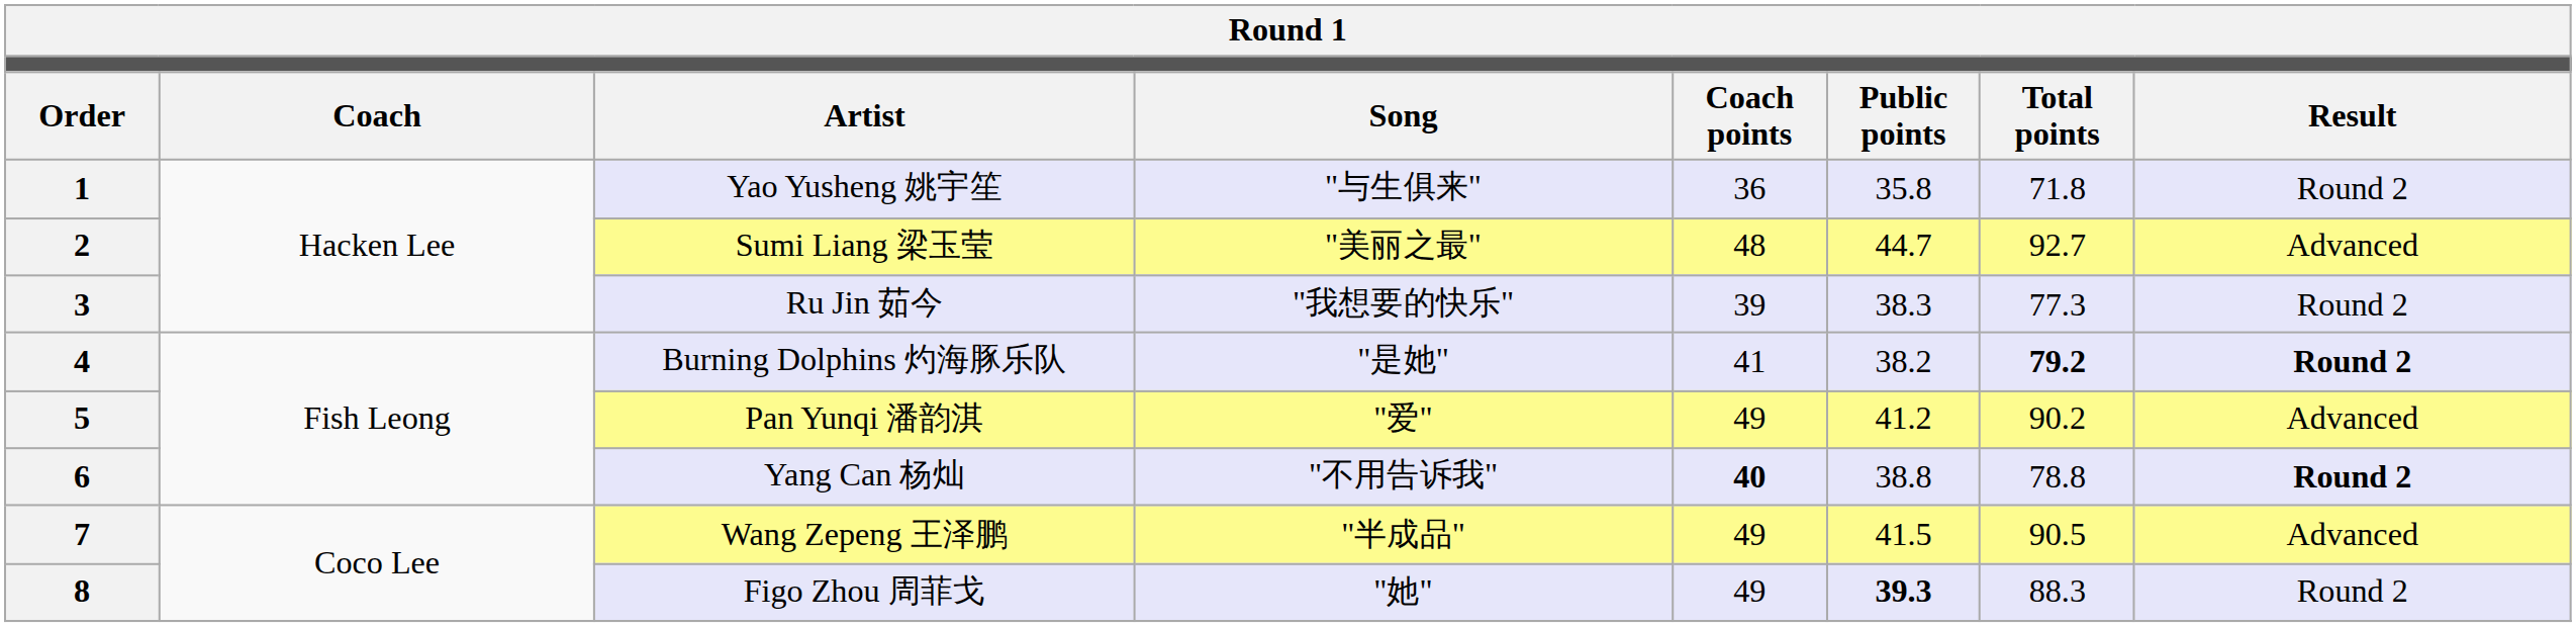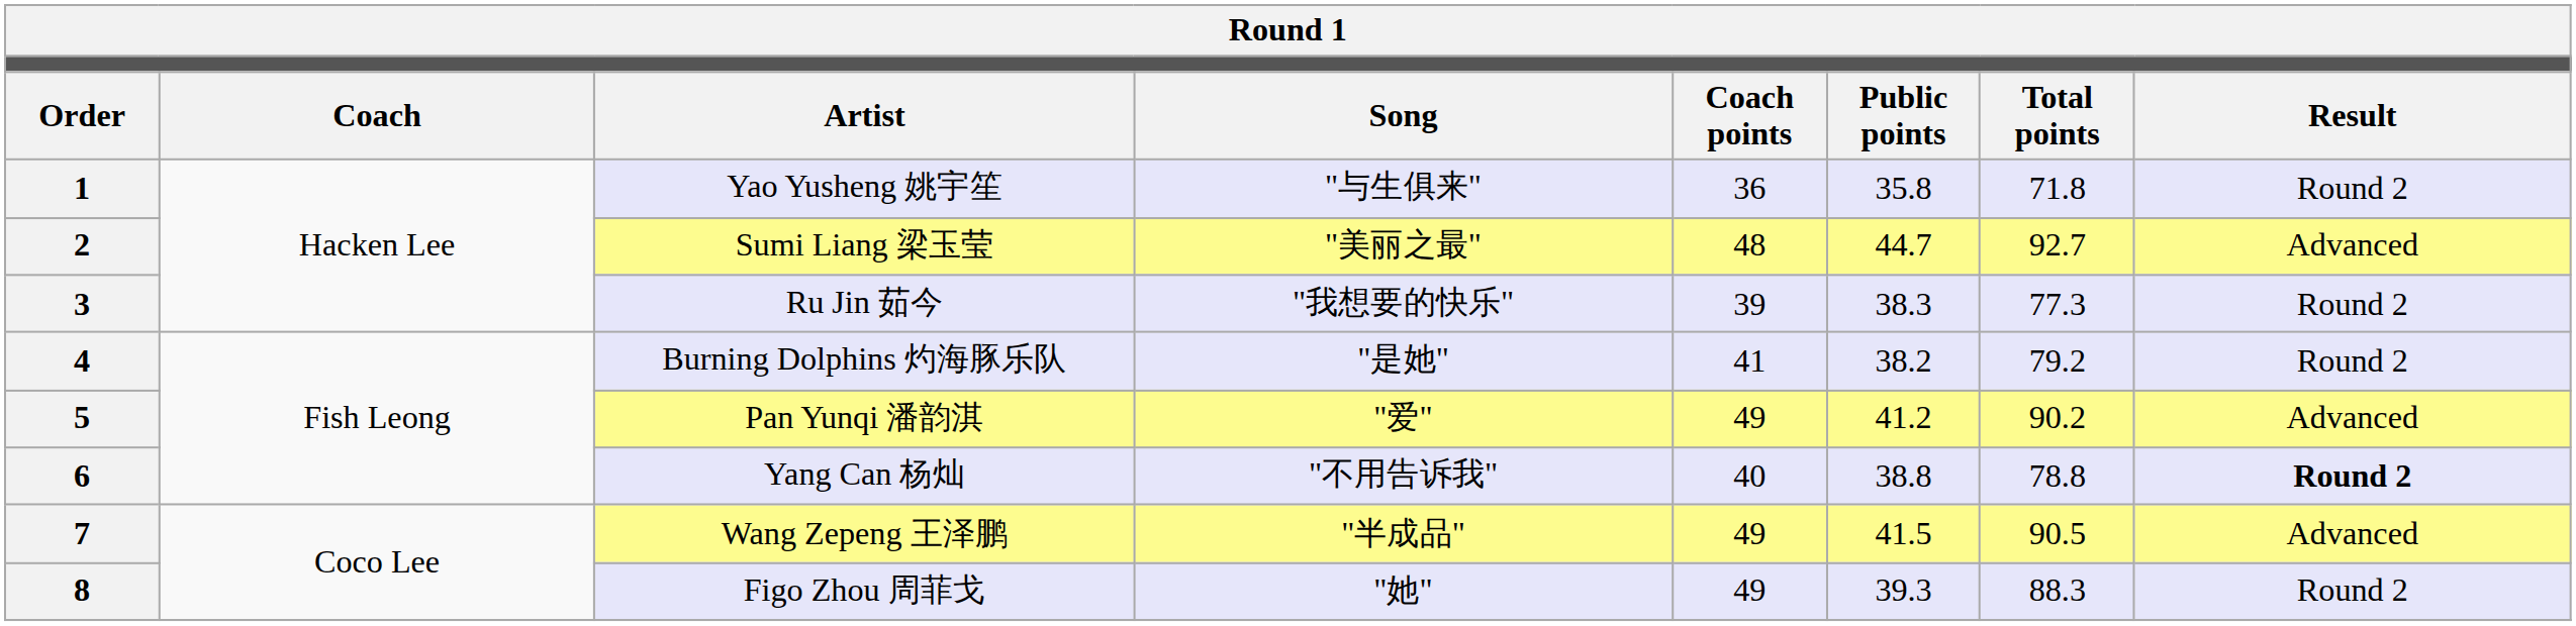 <table class="wikitable" style="text-align:center; width:100%;">
 <tr>
 <th colspan=8>Round 1</th>
 </tr>
 <tr>
 <td colspan="8" style="background:#555555"></td>
 </tr>
 <tr>
 <th style="width:6%;">Order</th>
 <th style="width:17%;">Coach</th>
 <th style="width:21%;">Artist</th>
 <th style="width:21%;">Song</th>
 <th style="width:6%;">Coach points</th>
 <th style="width:6%;">Public points</th>
 <th style="width:6%;">Total points</th>
 <th style="width:17%;">Result</th>
 </tr>
 <tr>
 <th>1</th>
 <td rowspan=3>Hacken Lee</td>
 <td style="background:#e6e6fa;">Yao Yusheng 姚宇笙</td>
 <td style="background:#e6e6fa;">"与生俱来"</td>
 <td style="background:#e6e6fa;">36</td>
 <td style="background:#e6e6fa;">35.8</td>
 <td style="background:#e6e6fa;">71.8</td>
 <td style="background:#e6e6fa;">Round 2</td>
 </tr>
 <tr>
 <th>2</th>
 <td style="background:#fdfc8f;">Sumi Liang 梁玉莹</td>
 <td style="background:#fdfc8f;">"美丽之最"</td>
 <td style="background:#fdfc8f;">48</td>
 <td style="background:#fdfc8f;">44.7</td>
 <td style="background:#fdfc8f;">92.7</td>
 <td style="background:#fdfc8f;">Advanced</td>
 </tr>
 <tr>
 <th>3</th>
 <td style="background:#e6e6fa;">Ru Jin 茹今</td>
 <td style="background:#e6e6fa;">"我想要的快乐"</td>
 <td style="background:#e6e6fa;">39</td>
 <td style="background:#e6e6fa;">38.3</td>
 <td style="background:#e6e6fa;">77.3</td>
 <td style="background:#e6e6fa;">Round 2</td>
 </tr>
 <tr>
 <th>4</th>
 <td rowspan=3>Fish Leong</td>
 <td style="background:#e6e6fa;">Burning Dolphins 灼海豚乐队</td>
 <td style="background:#e6e6fa;">"是她"</td>
 <td style="background:#e6e6fa;">41</td>
 <td style="background:#e6e6fa;">38.2</td>
-<td style="background:#e6e6fa;"><strong>79.2</strong></td>
-<td style="background:#e6e6fa;"><strong>Round 2</strong></td>
+<td style="background:#e6e6fa;">79.2</td>
+<td style="background:#e6e6fa;">Round 2</td>
 </tr>
 <tr>
 <th>5</th>
 <td style="background:#fdfc8f;">Pan Yunqi 潘韵淇</td>
 <td style="background:#fdfc8f;">"爱"</td>
 <td style="background:#fdfc8f;">49</td>
 <td style="background:#fdfc8f;">41.2</td>
 <td style="background:#fdfc8f;">90.2</td>
 <td style="background:#fdfc8f;">Advanced</td>
 </tr>
 <tr>
 <th>6</th>
 <td style="background:#e6e6fa;">Yang Can 杨灿</td>
 <td style="background:#e6e6fa;">"不用告诉我"</td>
-<td style="background:#e6e6fa;"><strong>40</strong></td>
+<td style="background:#e6e6fa;">40</td>
 <td style="background:#e6e6fa;">38.8</td>
 <td style="background:#e6e6fa;">78.8</td>
 <td style="background:#e6e6fa;"><strong>Round 2</strong></td>
 </tr>
 <tr>
 <th>7</th>
 <td rowspan=2>Coco Lee</td>
 <td style="background:#fdfc8f;">Wang Zepeng 王泽鹏</td>
 <td style="background:#fdfc8f;">"半成品"</td>
 <td style="background:#fdfc8f;">49</td>
 <td style="background:#fdfc8f;">41.5</td>
 <td style="background:#fdfc8f;">90.5</td>
 <td style="background:#fdfc8f;">Advanced</td>
 </tr>
 <tr>
 <th>8</th>
 <td style="background:#e6e6fa;">Figo Zhou 周菲戈</td>
 <td style="background:#e6e6fa;">"她"</td>
 <td style="background:#e6e6fa;">49</td>
-<td style="background:#e6e6fa;"><strong>39.3</strong></td>
+<td style="background:#e6e6fa;">39.3</td>
 <td style="background:#e6e6fa;">88.3</td>
 <td style="background:#e6e6fa;">Round 2</td>
 </tr>
 <tr>
 </tr>
 </table>
